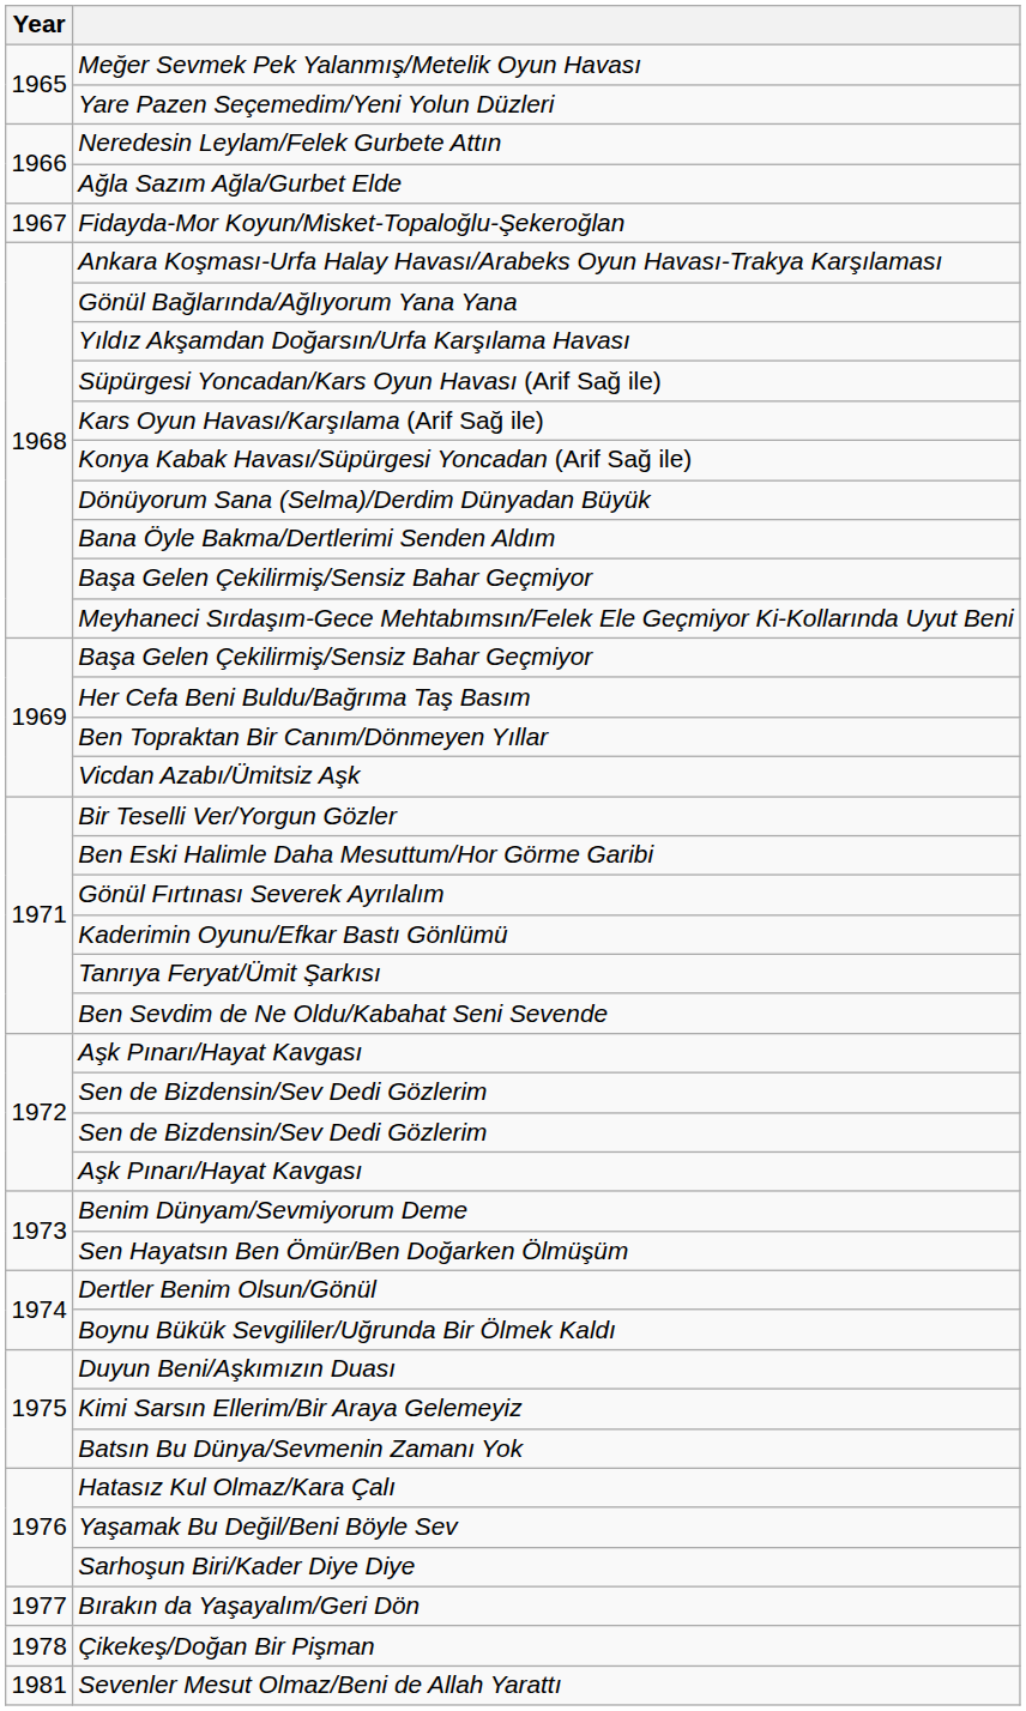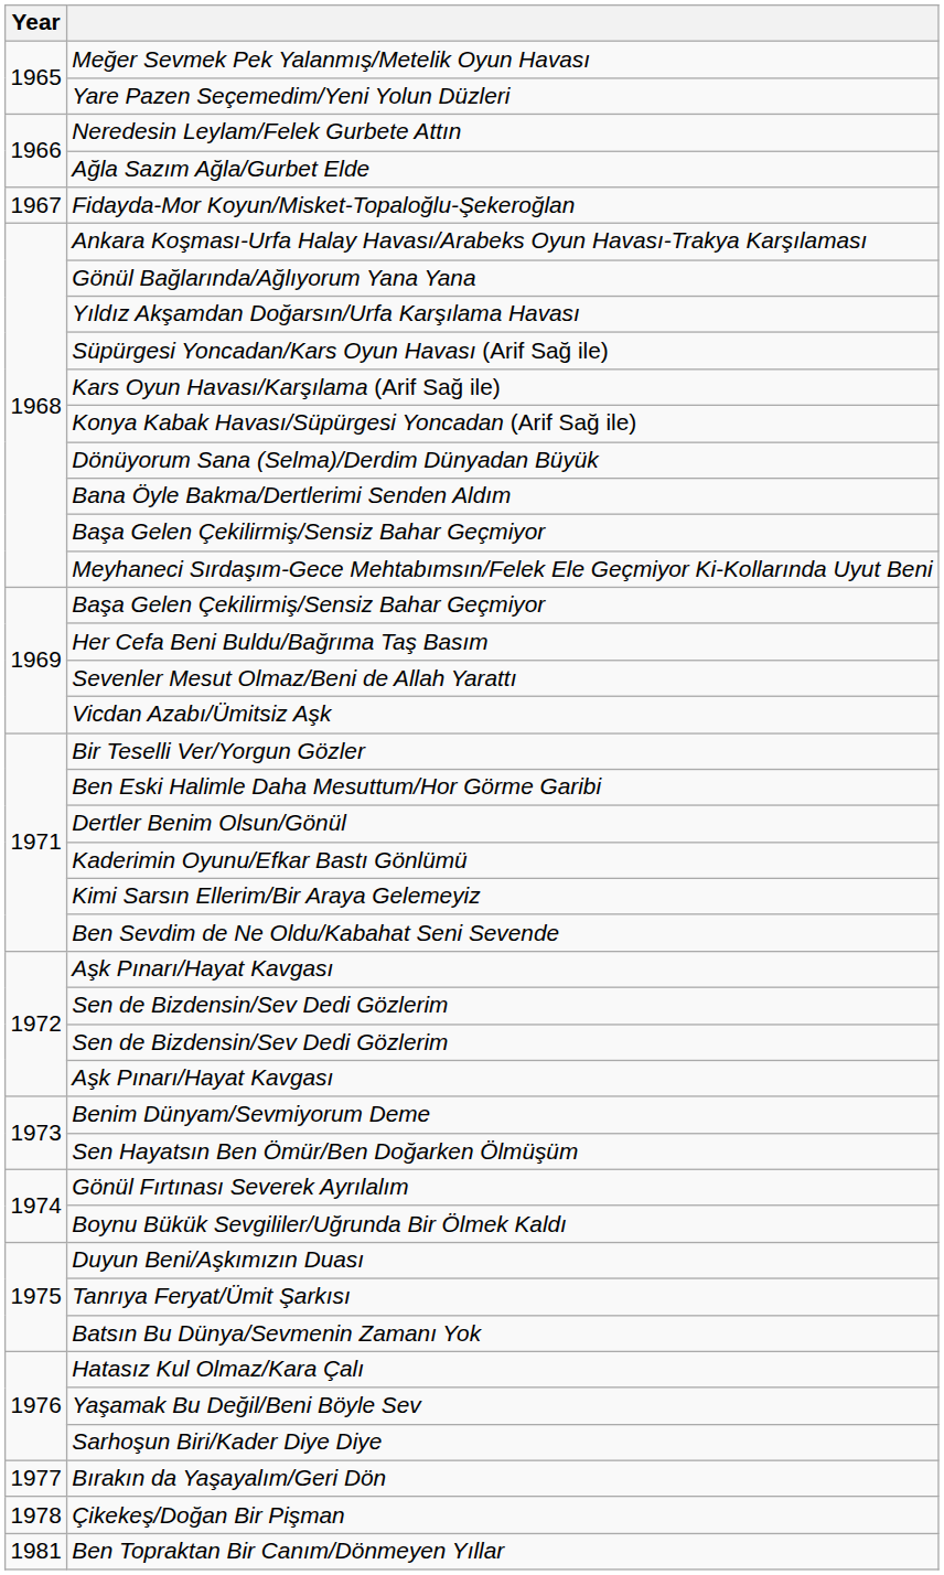 <table class="wikitable">
 <tr>
 <th>Year</th>
 <th></th>
 </tr>
 <tr>
 <td rowspan="2">1965</td>
 <td><em>Meğer Sevmek Pek Yalanmış/Metelik Oyun Havası</em><br></td>
 </tr>
 <tr>
 <td><em>Yare Pazen Seçemedim/Yeni Yolun Düzleri</em><br></td>
 </tr>
 <tr>
 <td rowspan="2">1966</td>
 <td><em>Neredesin Leylam/Felek Gurbete Attın</em><br></td>
 </tr>
 <tr>
 <td><em>Ağla Sazım Ağla/Gurbet Elde</em><br></td>
 </tr>
 <tr>
 <td>1967</td>
 <td><em>Fidayda-Mor Koyun/Misket-Topaloğlu-Şekeroğlan</em><br></td>
 </tr>
 <tr>
 <td rowspan="10">1968</td>
 <td><em>Ankara Koşması-Urfa Halay Havası/Arabeks Oyun Havası-Trakya Karşılaması</em><br></td>
 </tr>
 <tr>
 <td><em>Gönül Bağlarında/Ağlıyorum Yana Yana</em><br></td>
 </tr>
 <tr>
 <td><em>Yıldız Akşamdan Doğarsın/Urfa Karşılama Havası</em><br></td>
 </tr>
 <tr>
 <td><em>Süpürgesi Yoncadan/Kars Oyun Havası</em> (Arif Sağ ile)<br></td>
 </tr>
 <tr>
 <td><em>Kars Oyun Havası/Karşılama</em> (Arif Sağ ile)<br></td>
 </tr>
 <tr>
 <td><em>Konya Kabak Havası/Süpürgesi Yoncadan</em> (Arif Sağ ile)<br></td>
 </tr>
 <tr>
 <td><em>Dönüyorum Sana (Selma)/Derdim Dünyadan Büyük</em><br></td>
 </tr>
 <tr>
 <td><em>Bana Öyle Bakma/Dertlerimi Senden Aldım</em><br></td>
 </tr>
 <tr>
 <td><em>Başa Gelen Çekilirmiş/Sensiz Bahar Geçmiyor</em><br></td>
 </tr>
 <tr>
 <td><em>Meyhaneci Sırdaşım-Gece Mehtabımsın/Felek Ele Geçmiyor Ki-Kollarında Uyut Beni</em><br></td>
 </tr>
 <tr>
 <td rowspan="4">1969</td>
 <td><em>Başa Gelen Çekilirmiş/Sensiz Bahar Geçmiyor</em><br></td>
 </tr>
 <tr>
 <td><em>Her Cefa Beni Buldu/Bağrıma Taş Basım</em><br></td>
 </tr>
 <tr>
-<td><em>Ben Topraktan Bir Canım/Dönmeyen Yıllar</em><br></td>
+<td><em>Sevenler Mesut Olmaz/Beni de Allah Yarattı</em><br></td>
 </tr>
 <tr>
 <td><em>Vicdan Azabı/Ümitsiz Aşk</em><br></td>
 </tr>
 <tr>
 <td rowspan="6">1971</td>
 <td><em>Bir Teselli Ver/Yorgun Gözler</em><br></td>
 </tr>
 <tr>
 <td><em>Ben Eski Halimle Daha Mesuttum/Hor Görme Garibi</em><br></td>
 </tr>
 <tr>
-<td><em>Gönül Fırtınası Severek Ayrılalım</em><br></td>
+<td><em>Dertler Benim Olsun/Gönül</em><br></td>
 </tr>
 <tr>
 <td><em>Kaderimin Oyunu/Efkar Bastı Gönlümü</em><br></td>
 </tr>
 <tr>
-<td><em>Tanrıya Feryat/Ümit Şarkısı</em><br></td>
+<td><em>Kimi Sarsın Ellerim/Bir Araya Gelemeyiz</em><br></td>
 </tr>
 <tr>
 <td><em>Ben Sevdim de Ne Oldu/Kabahat Seni Sevende</em><br></td>
 </tr>
 <tr>
 <td rowspan="4">1972</td>
 <td><em>Aşk Pınarı/Hayat Kavgası</em><br></td>
 </tr>
 <tr>
 <td><em>Sen de Bizdensin/Sev Dedi Gözlerim</em><br></td>
 </tr>
 <tr>
 <td><em>Sen de Bizdensin/Sev Dedi Gözlerim</em><br></td>
 </tr>
 <tr>
 <td><em>Aşk Pınarı/Hayat Kavgası</em><br></td>
 </tr>
 <tr>
 <td rowspan="2">1973</td>
 <td><em>Benim Dünyam/Sevmiyorum Deme</em><br></td>
 </tr>
 <tr>
 <td><em>Sen Hayatsın Ben Ömür/Ben Doğarken Ölmüşüm</em><br></td>
 </tr>
 <tr>
 <td rowspan="2">1974</td>
-<td><em>Dertler Benim Olsun/Gönül</em><br></td>
+<td><em>Gönül Fırtınası Severek Ayrılalım</em><br></td>
 </tr>
 <tr>
 <td><em>Boynu Bükük Sevgililer/Uğrunda Bir Ölmek Kaldı</em><br></td>
 </tr>
 <tr>
 <td rowspan="3">1975</td>
 <td><em>Duyun Beni/Aşkımızın Duası</em><br></td>
 </tr>
 <tr>
-<td><em>Kimi Sarsın Ellerim/Bir Araya Gelemeyiz</em><br></td>
+<td><em>Tanrıya Feryat/Ümit Şarkısı</em><br></td>
 </tr>
 <tr>
 <td><em>Batsın Bu Dünya/Sevmenin Zamanı Yok</em><br></td>
 </tr>
 <tr>
 <td rowspan="3">1976</td>
 <td><em>Hatasız Kul Olmaz/Kara Çalı</em><br></td>
 </tr>
 <tr>
 <td><em>Yaşamak Bu Değil/Beni Böyle Sev</em><br></td>
 </tr>
 <tr>
 <td><em>Sarhoşun Biri/Kader Diye Diye</em><br></td>
 </tr>
 <tr>
 <td>1977</td>
 <td><em>Bırakın da Yaşayalım/Geri Dön</em><br></td>
 </tr>
 <tr>
 <td>1978</td>
 <td><em>Çikekeş/Doğan Bir Pişman</em><br></td>
 </tr>
 <tr>
 <td>1981</td>
-<td><em>Sevenler Mesut Olmaz/Beni de Allah Yarattı</em><br></td>
+<td><em>Ben Topraktan Bir Canım/Dönmeyen Yıllar</em><br></td>
 </tr>
 </table>
